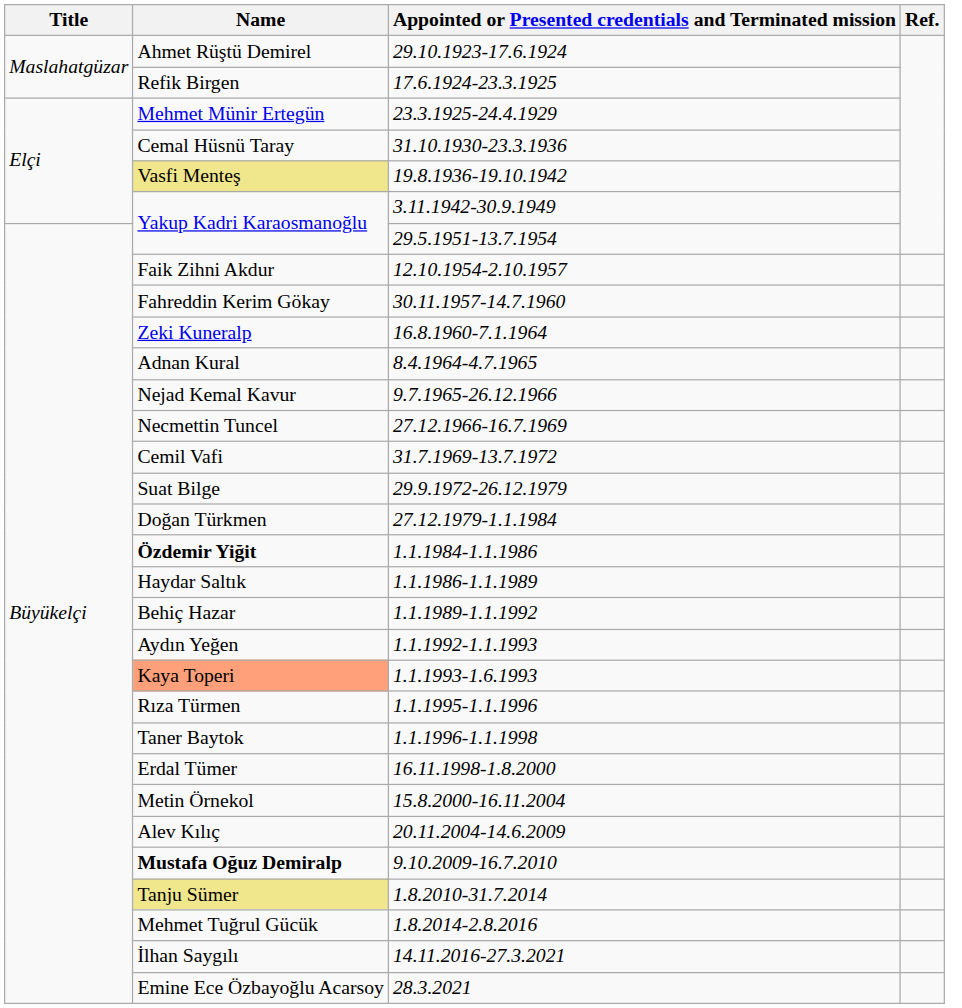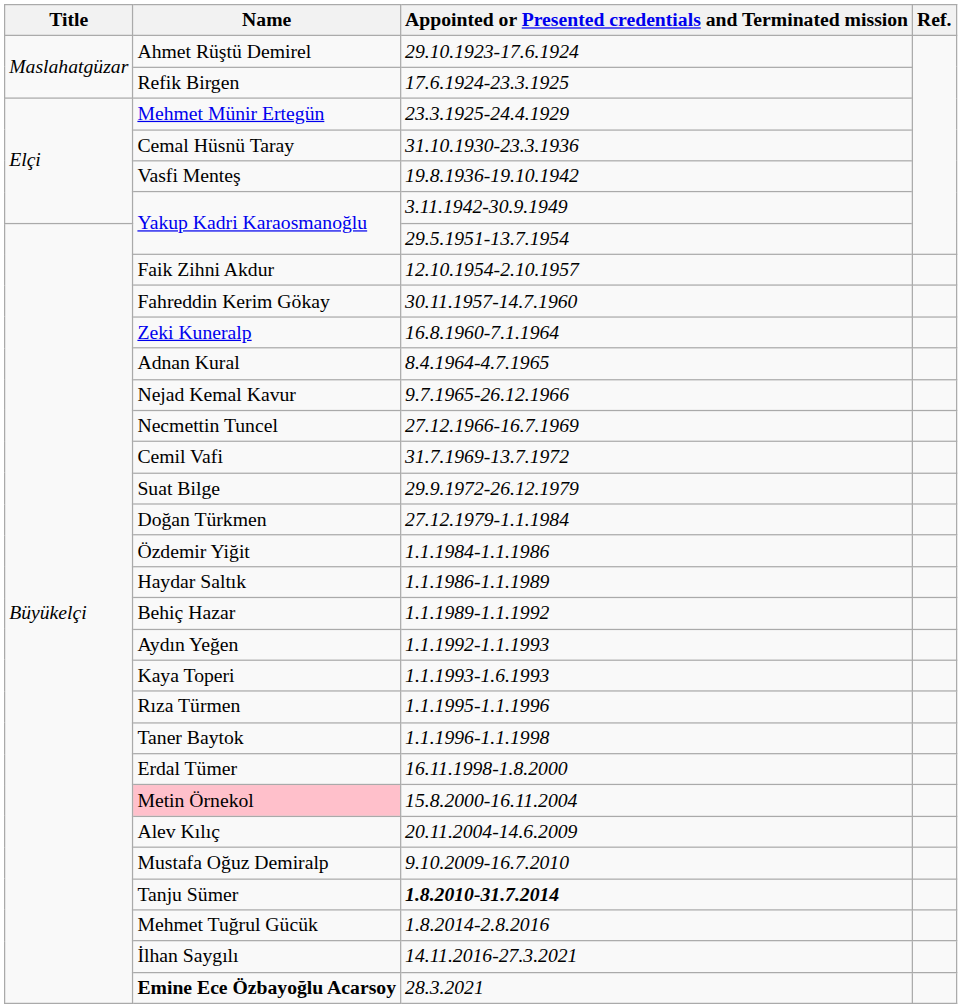 <table class="wikitable">
 <tr>
 <th>Title</th>
 <th>Name</th>
 <th>Appointed or <a href='#'>Presented credentials</a> and Terminated mission</th>
 <th>Ref.</th>
 </tr>
 <tr>
 <td rowspan="2"><em>Maslahatgüzar</em></td>
 <td>Ahmet Rüştü Demirel</td>
 <td><em>29.10.1923-17.6.1924</em></td>
 <td rowspan="7"></td>
 </tr>
 <tr>
 <td>Refik Birgen</td>
 <td><em>17.6.1924-23.3.1925</em></td>
 </tr>
 <tr>
 <td rowspan="4"><em>Elçi</em></td>
 <td><a href='#'>Mehmet Münir Ertegün</a></td>
 <td><em>23.3.1925-24.4.1929</em></td>
 </tr>
 <tr>
 <td>Cemal Hüsnü Taray</td>
 <td><em>31.10.1930-23.3.1936</em></td>
 </tr>
 <tr>
-<td style="background: khaki;">Vasfi Menteş</td>
+<td>Vasfi Menteş</td>
 <td><em>19.8.1936-19.10.1942</em></td>
 </tr>
 <tr>
 <td rowspan="2"><a href='#'>Yakup Kadri Karaosmanoğlu</a></td>
 <td><em>3.11.1942-30.9.1949</em></td>
 </tr>
 <tr>
 <td rowspan="25"><em>Büyükelçi</em></td>
 <td><em>29.5.1951-13.7.1954</em></td>
 </tr>
 <tr>
 <td>Faik Zihni Akdur</td>
 <td><em>12.10.1954-2.10.1957</em></td>
 <td></td>
 </tr>
 <tr>
 <td>Fahreddin Kerim Gökay</td>
 <td><em>30.11.1957-14.7.1960</em></td>
 <td></td>
 </tr>
 <tr>
 <td><a href='#'>Zeki Kuneralp</a></td>
 <td><em>16.8.1960-7.1.1964</em></td>
 <td></td>
 </tr>
 <tr>
 <td>Adnan Kural</td>
 <td><em>8.4.1964-4.7.1965</em></td>
 <td></td>
 </tr>
 <tr>
 <td>Nejad Kemal Kavur</td>
 <td><em>9.7.1965-26.12.1966</em></td>
 <td></td>
 </tr>
 <tr>
 <td>Necmettin Tuncel</td>
 <td><em>27.12.1966-16.7.1969</em></td>
 <td></td>
 </tr>
 <tr>
 <td>Cemil Vafi</td>
 <td><em>31.7.1969-13.7.1972</em></td>
 <td></td>
 </tr>
 <tr>
 <td>Suat Bilge</td>
 <td><em>29.9.1972-26.12.1979</em></td>
 <td></td>
 </tr>
 <tr>
 <td>Doğan Türkmen</td>
 <td><em>27.12.1979-1.1.1984</em></td>
 <td></td>
 </tr>
 <tr>
-<td><strong>Özdemir Yiğit</strong></td>
+<td>Özdemir Yiğit</td>
 <td><em>1.1.1984-1.1.1986</em></td>
 <td></td>
 </tr>
 <tr>
 <td>Haydar Saltık</td>
 <td><em>1.1.1986-1.1.1989</em></td>
 <td></td>
 </tr>
 <tr>
 <td>Behiç Hazar</td>
 <td><em>1.1.1989-1.1.1992</em></td>
 <td></td>
 </tr>
 <tr>
 <td>Aydın Yeğen</td>
 <td><em>1.1.1992-1.1.1993</em></td>
 <td></td>
 </tr>
 <tr>
-<td style="background: lightsalmon;">Kaya Toperi</td>
+<td>Kaya Toperi</td>
 <td><em>1.1.1993-1.6.1993</em></td>
 <td></td>
 </tr>
 <tr>
 <td>Rıza Türmen</td>
 <td><em>1.1.1995-1.1.1996</em></td>
 <td></td>
 </tr>
 <tr>
 <td>Taner Baytok</td>
 <td><em>1.1.1996-1.1.1998</em></td>
 <td></td>
 </tr>
 <tr>
 <td>Erdal Tümer</td>
 <td><em>16.11.1998-1.8.2000</em></td>
 <td></td>
 </tr>
 <tr>
-<td>Metin Örnekol</td>
+<td style="background: pink;">Metin Örnekol</td>
 <td><em>15.8.2000-16.11.2004</em></td>
 <td></td>
 </tr>
 <tr>
 <td>Alev Kılıç</td>
 <td><em>20.11.2004-14.6.2009</em></td>
 <td></td>
 </tr>
 <tr>
-<td><strong>Mustafa Oğuz Demiralp</strong></td>
+<td>Mustafa Oğuz Demiralp</td>
 <td><em>9.10.2009-16.7.2010</em></td>
 <td></td>
 </tr>
 <tr>
-<td style="background: khaki;">Tanju Sümer</td>
-<td><em>1.8.2010-31.7.2014</em></td>
+<td>Tanju Sümer</td>
+<td><strong><em>1.8.2010-31.7.2014</em></strong></td>
 <td></td>
 </tr>
 <tr>
 <td>Mehmet Tuğrul Gücük</td>
 <td><em>1.8.2014-2.8.2016</em></td>
 <td></td>
 </tr>
 <tr>
 <td>İlhan Saygılı</td>
 <td><em>14.11.2016-27.3.2021</em></td>
 <td></td>
 </tr>
 <tr>
-<td>Emine Ece Özbayoğlu Acarsoy</td>
+<td><strong>Emine Ece Özbayoğlu Acarsoy</strong></td>
 <td><em>28.3.2021</em></td>
 <td></td>
 </tr>
 </table>
